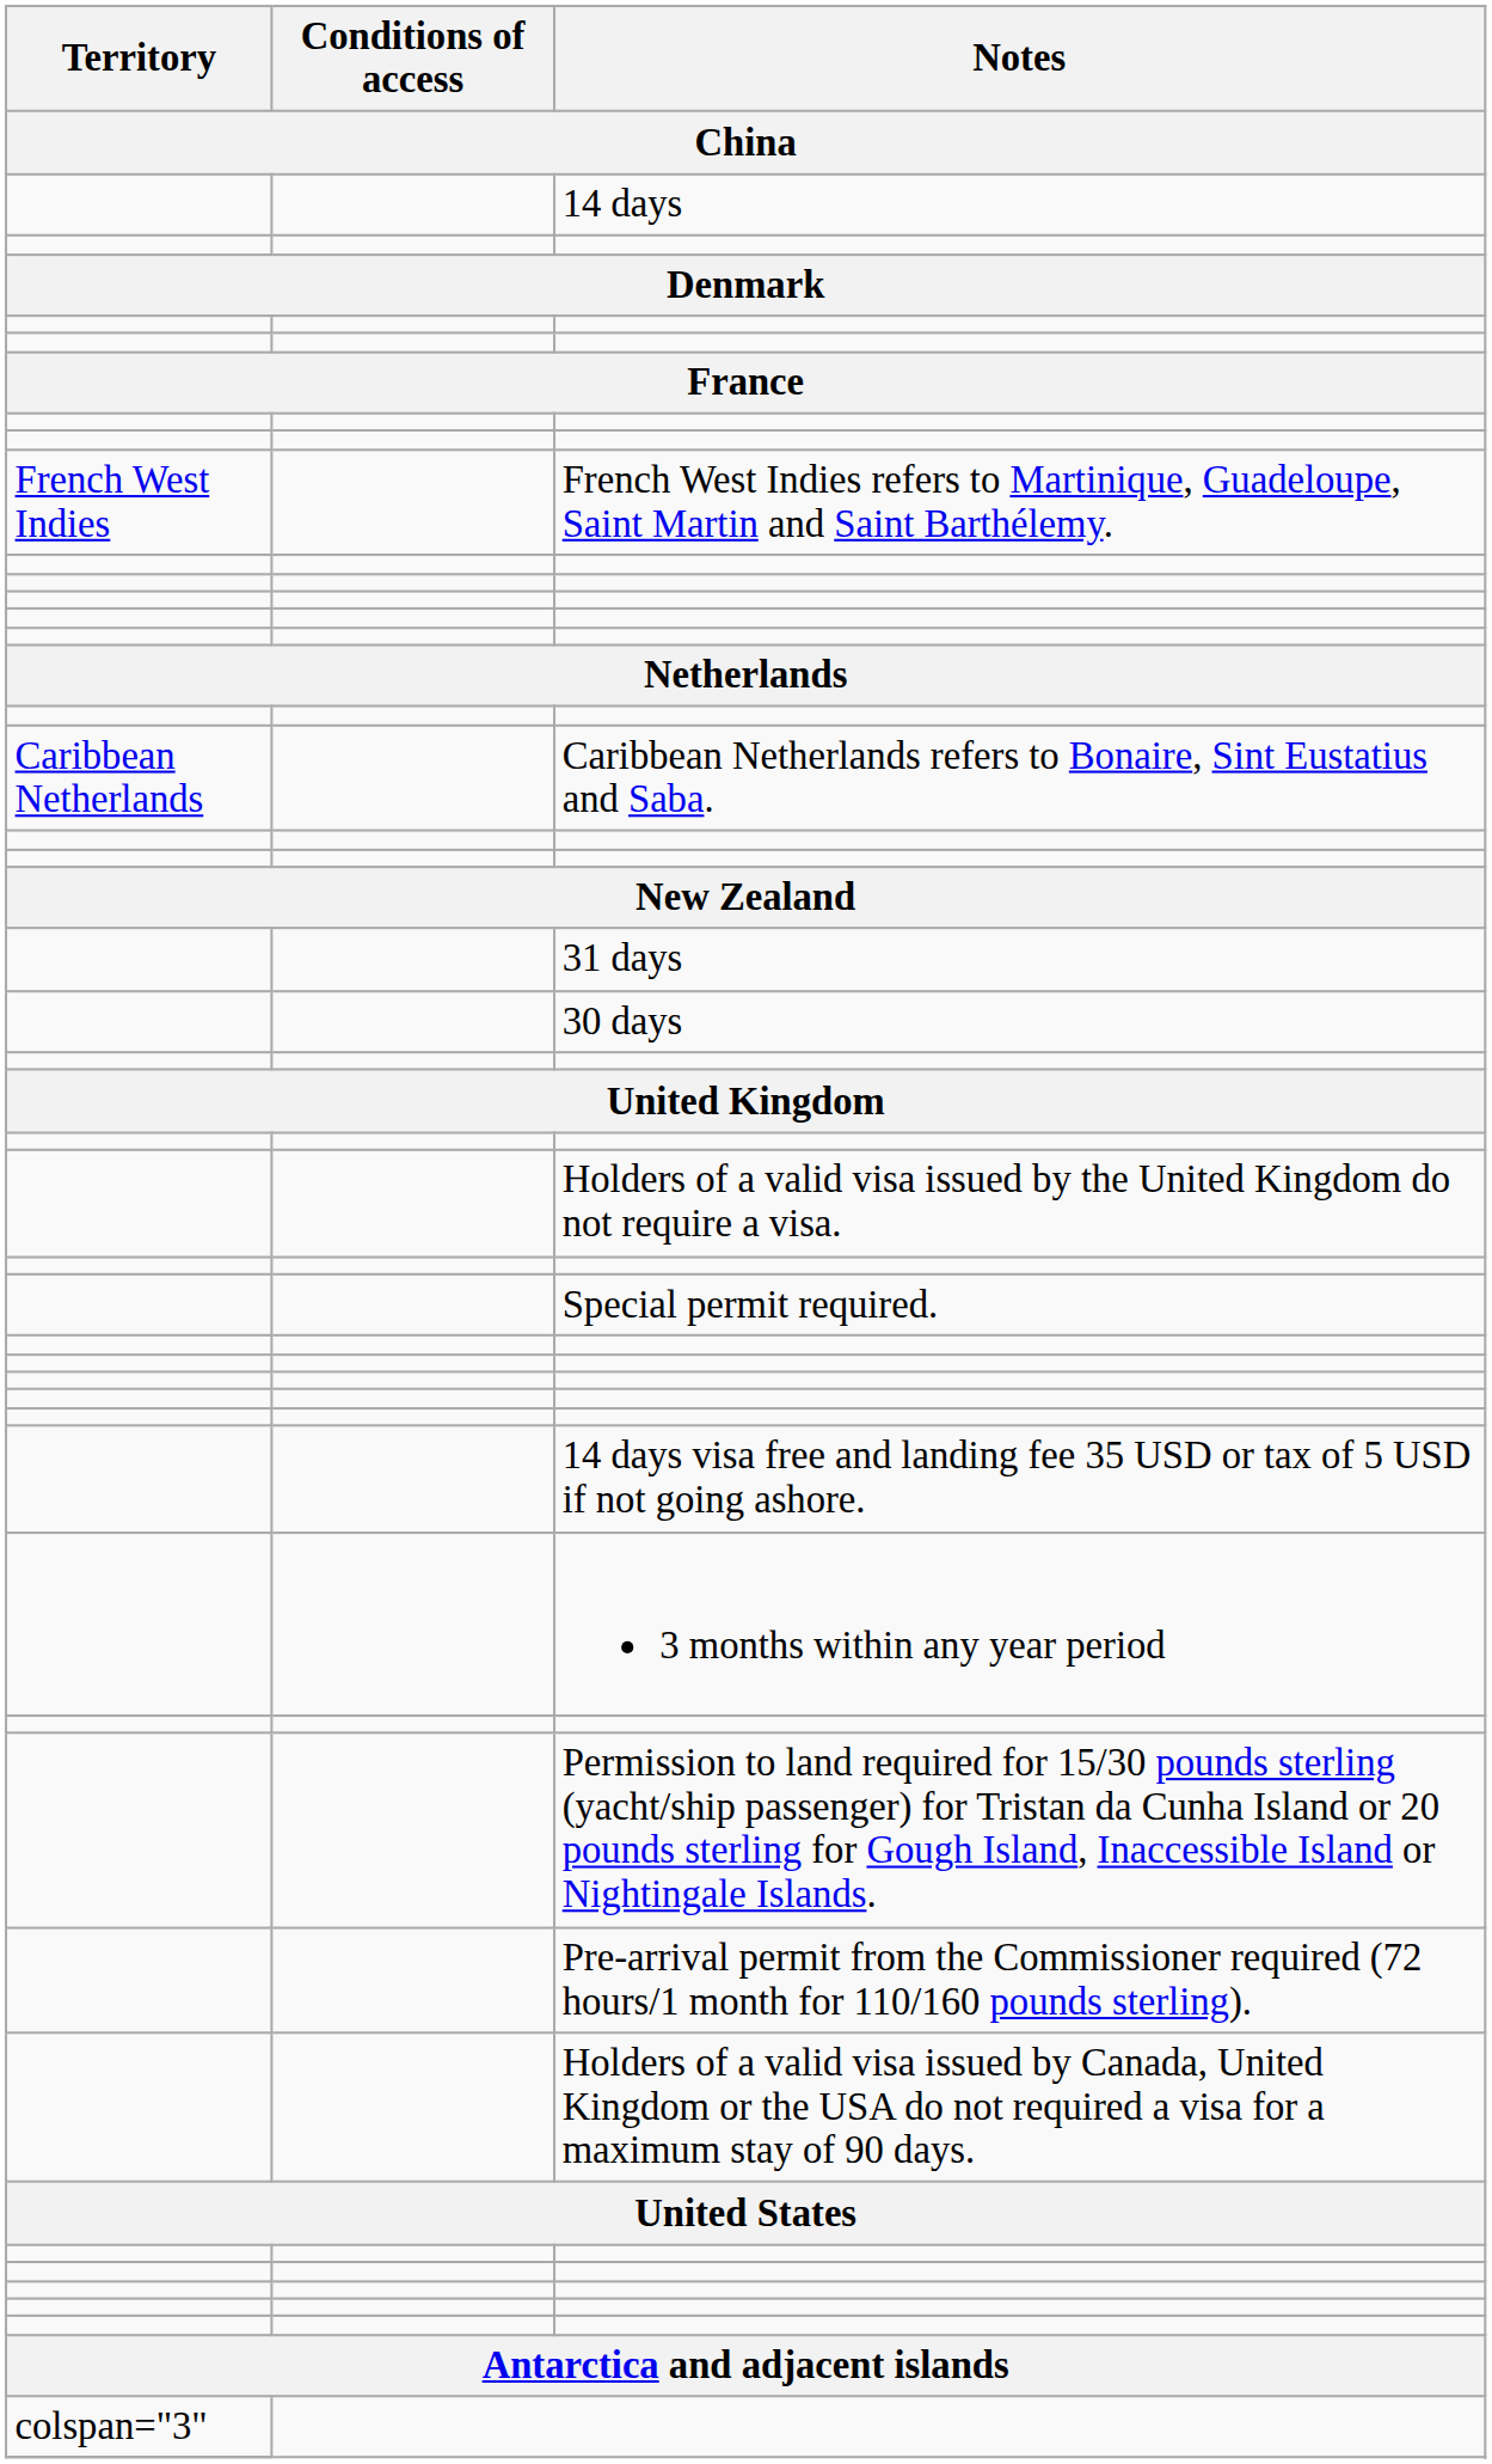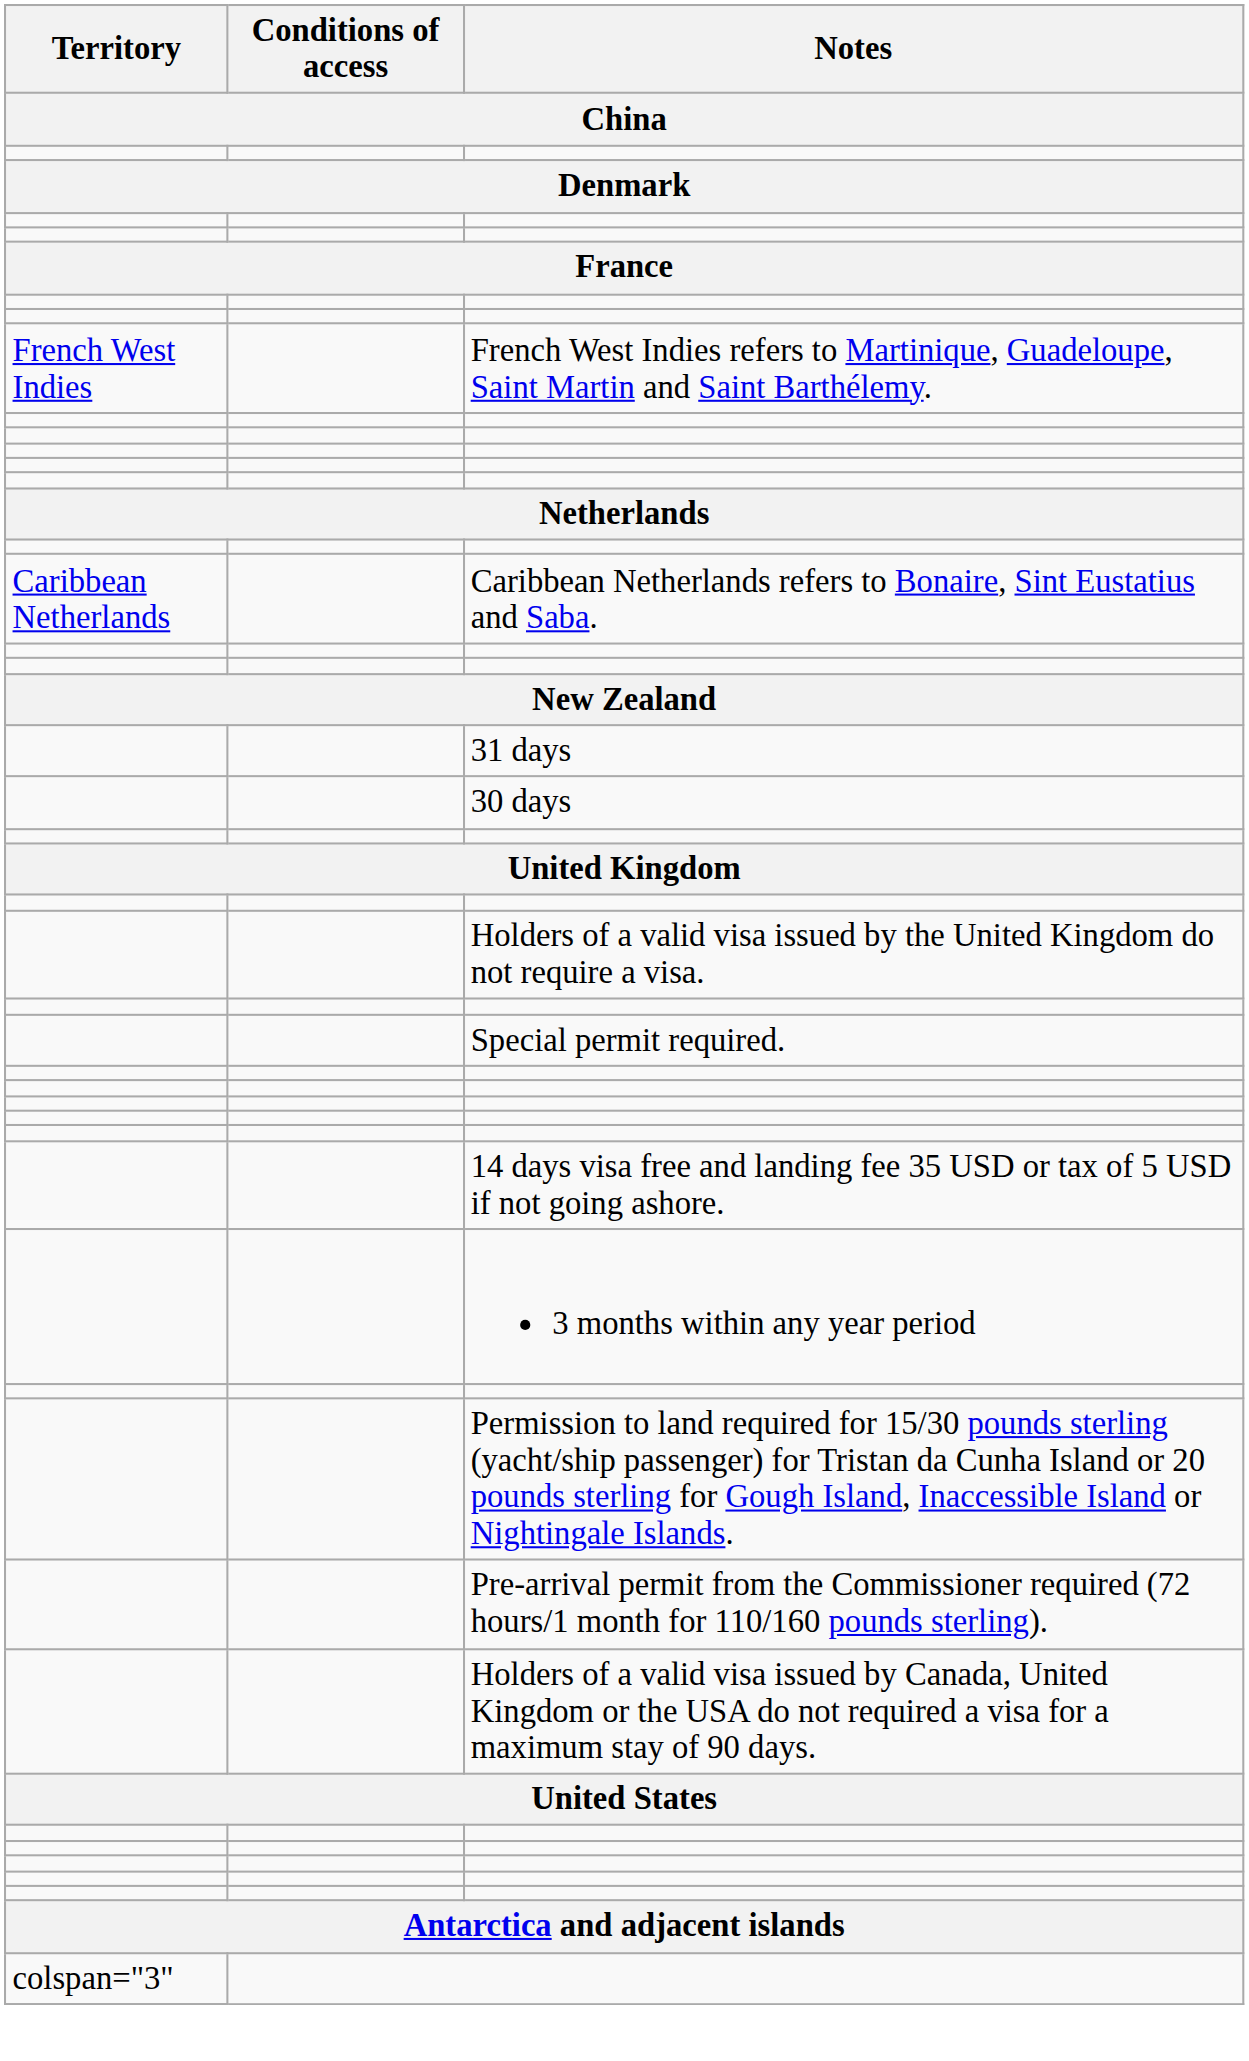 <table class="wikitable" style="text-align: left; table-layout: fixed;">
 <tr>
 <th width="18%">Territory</th>
 <th width="19%">Conditions of access</th>
 <th>Notes</th>
 </tr>
 <tr>
 <th colspan="3">China</th>
-</tr>
-<tr>
-<td></td>
-<td></td>
-<td>14 days</td>
 </tr>
 <tr>
 <td></td>
 <td></td>
 <td></td>
 </tr>
 <tr>
 <th colspan="3">Denmark</th>
 </tr>
 <tr>
 <td></td>
 <td></td>
 <td></td>
 </tr>
 <tr>
 <td></td>
 <td></td>
 <td></td>
 </tr>
 <tr>
 <th colspan="3">France</th>
 </tr>
 <tr>
 <td></td>
 <td></td>
 <td></td>
 </tr>
 <tr>
 <td></td>
 <td></td>
 <td></td>
 </tr>
 <tr>
 <td> <a href='#'>French West Indies</a></td>
 <td></td>
 <td>French West Indies refers to <a href='#'>Martinique</a>, <a href='#'>Guadeloupe</a>, <a href='#'>Saint Martin</a> and <a href='#'>Saint Barthélemy</a>.</td>
 </tr>
 <tr>
 <td></td>
 <td></td>
 <td></td>
 </tr>
 <tr>
 <td></td>
 <td></td>
 <td></td>
 </tr>
 <tr>
 <td></td>
 <td></td>
 <td></td>
 </tr>
 <tr>
 <td></td>
 <td></td>
 <td></td>
 </tr>
 <tr>
 <td></td>
 <td></td>
 <td></td>
 </tr>
 <tr>
 <th colspan="3">Netherlands</th>
 </tr>
 <tr>
 <td></td>
 <td></td>
 <td></td>
 </tr>
 <tr>
 <td> <a href='#'>Caribbean Netherlands</a></td>
 <td></td>
 <td>Caribbean Netherlands refers to <a href='#'>Bonaire</a>, <a href='#'>Sint Eustatius</a> and <a href='#'>Saba</a>.</td>
 </tr>
 <tr>
 <td></td>
 <td></td>
 <td></td>
 </tr>
 <tr>
 <td></td>
 <td></td>
 <td></td>
 </tr>
 <tr>
 <th colspan="3">New Zealand</th>
 </tr>
 <tr>
 <td></td>
 <td></td>
 <td>31 days</td>
 </tr>
 <tr>
 <td></td>
 <td></td>
 <td>30 days</td>
 </tr>
 <tr>
 <td></td>
 <td></td>
 <td></td>
 </tr>
 <tr>
 <th colspan="3">United Kingdom</th>
 </tr>
 <tr>
 <td></td>
 <td></td>
 <td></td>
 </tr>
 <tr>
 <td></td>
 <td></td>
 <td>Holders of a valid visa issued by the United Kingdom do not require a visa.</td>
 </tr>
 <tr>
 <td></td>
 <td></td>
 <td></td>
 </tr>
 <tr>
 <td></td>
 <td></td>
 <td>Special permit required.</td>
 </tr>
 <tr>
 <td></td>
 <td></td>
 <td></td>
 </tr>
 <tr>
 <td></td>
 <td></td>
 <td></td>
 </tr>
 <tr>
 <td></td>
 <td></td>
 <td></td>
 </tr>
 <tr>
 <td></td>
 <td></td>
 <td></td>
 </tr>
 <tr>
 <td></td>
 <td></td>
 <td></td>
 </tr>
 <tr>
 <td></td>
 <td></td>
 <td>14 days visa free and landing fee 35 USD or tax of 5 USD if not going ashore.</td>
 </tr>
 <tr>
 <td></td>
 <td></td>
 <td><br><ul><li>3 months within any year period</li></ul></td>
 </tr>
 <tr>
 <td></td>
 <td></td>
 <td></td>
 </tr>
 <tr>
 <td></td>
 <td></td>
 <td>Permission to land required for 15/30 <a href='#'>pounds sterling</a> (yacht/ship passenger) for Tristan da Cunha Island or 20 <a href='#'>pounds sterling</a> for <a href='#'>Gough Island</a>, <a href='#'>Inaccessible Island</a> or <a href='#'>Nightingale Islands</a>.</td>
 </tr>
 <tr>
 <td></td>
 <td></td>
 <td>Pre-arrival permit from the Commissioner required (72 hours/1 month for 110/160 <a href='#'>pounds sterling</a>).</td>
 </tr>
 <tr>
 <td></td>
 <td></td>
 <td>Holders of a valid visa issued by Canada, United Kingdom or the USA do not required a visa for a maximum stay of 90 days.</td>
 </tr>
 <tr>
 <th colspan="3">United States</th>
 </tr>
 <tr>
 <td></td>
 <td></td>
 <td></td>
 </tr>
 <tr>
 <td></td>
 <td></td>
 <td></td>
 </tr>
 <tr>
 <td></td>
 <td></td>
 <td></td>
 </tr>
 <tr>
 <td></td>
 <td></td>
 <td></td>
 </tr>
 <tr>
 <td></td>
 <td></td>
 <td></td>
 </tr>
 <tr>
 <th colspan="3"><a href='#'>Antarctica</a> and adjacent islands</th>
 </tr>
 <tr>
 <td>colspan="3" </td>
 </tr>
 <tr>
 </tr>
 </table>
